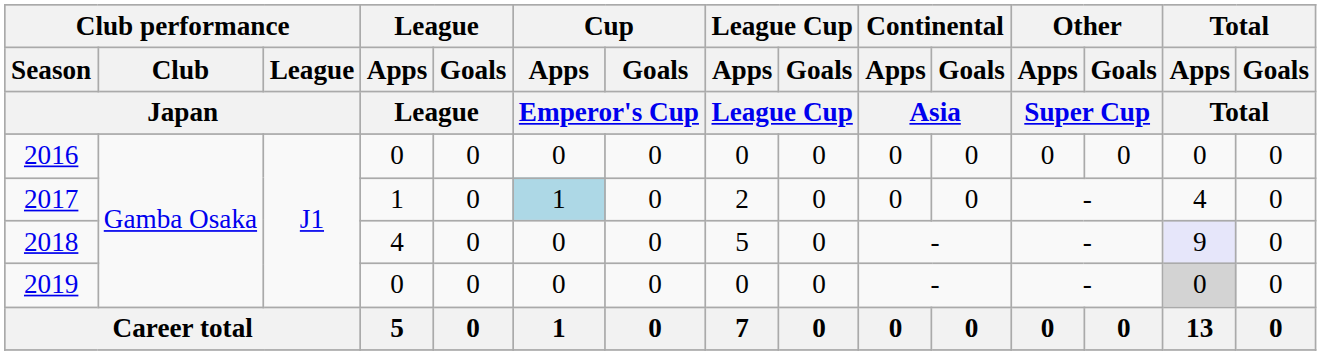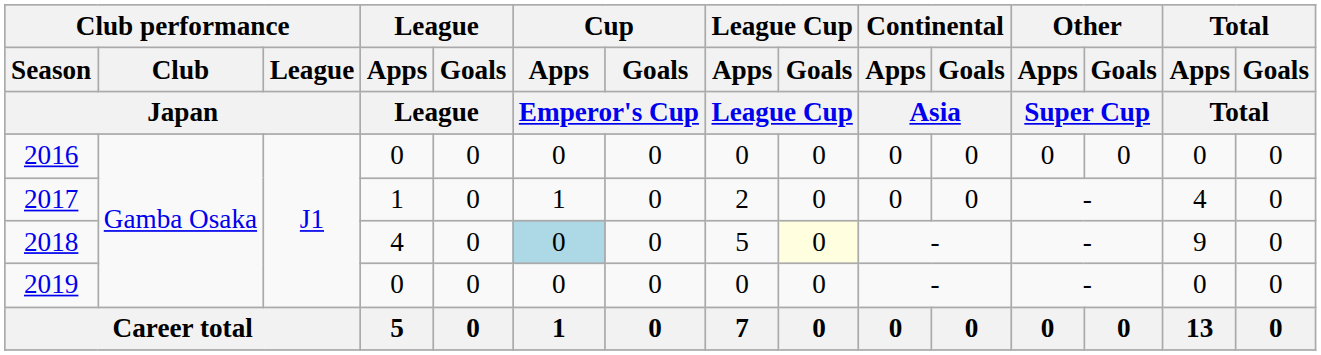 <table class="wikitable" style="text-align:center">
 <tr>
 <th colspan=3>Club performance</th>
 <th colspan=2>League</th>
 <th colspan=2>Cup</th>
 <th colspan=2>League Cup</th>
 <th colspan=2>Continental</th>
 <th colspan=2>Other</th>
 <th colspan=2>Total</th>
 </tr>
 <tr>
 <th>Season</th>
 <th>Club</th>
 <th>League</th>
 <th>Apps</th>
 <th>Goals</th>
 <th>Apps</th>
 <th>Goals</th>
 <th>Apps</th>
 <th>Goals</th>
 <th>Apps</th>
 <th>Goals</th>
 <th>Apps</th>
 <th>Goals</th>
 <th>Apps</th>
 <th>Goals</th>
 </tr>
 <tr>
 <th colspan=3>Japan</th>
 <th colspan=2>League</th>
 <th colspan=2><a href='#'>Emperor's Cup</a></th>
 <th colspan=2><a href='#'>League Cup</a></th>
 <th colspan=2><a href='#'>Asia</a></th>
 <th colspan=2><a href='#'>Super Cup</a></th>
 <th colspan=2>Total</th>
 </tr>
 <tr>
 <td><a href='#'>2016</a></td>
 <td rowspan="4"><a href='#'>Gamba Osaka</a></td>
 <td rowspan="4"><a href='#'>J1</a></td>
 <td>0</td>
 <td>0</td>
 <td>0</td>
 <td>0</td>
 <td>0</td>
 <td>0</td>
 <td>0</td>
 <td>0</td>
 <td>0</td>
 <td>0</td>
 <td>0</td>
 <td>0</td>
 </tr>
 <tr>
 <td><a href='#'>2017</a></td>
 <td>1</td>
 <td>0</td>
-<td style="background: lightblue;">1</td>
+<td>1</td>
 <td>0</td>
 <td>2</td>
 <td>0</td>
 <td>0</td>
 <td>0</td>
 <td colspan="2">-</td>
 <td>4</td>
 <td>0</td>
 </tr>
 <tr>
 <td><a href='#'>2018</a></td>
 <td>4</td>
 <td>0</td>
-<td>0</td>
+<td style="background: lightblue;">0</td>
 <td>0</td>
 <td>5</td>
-<td>0</td>
+<td style="background: lightyellow;">0</td>
 <td colspan="2">-</td>
 <td colspan="2">-</td>
-<td style="background: lavender;">9</td>
+<td>9</td>
 <td>0</td>
 </tr>
 <tr>
 <td><a href='#'>2019</a></td>
 <td>0</td>
 <td>0</td>
 <td>0</td>
 <td>0</td>
 <td>0</td>
 <td>0</td>
 <td colspan="2">-</td>
 <td colspan="2">-</td>
-<td style="background: lightgrey;">0</td>
+<td>0</td>
 <td>0</td>
 </tr>
 <tr>
 <th colspan=3>Career total</th>
 <th>5</th>
 <th>0</th>
 <th>1</th>
 <th>0</th>
 <th>7</th>
 <th>0</th>
 <th>0</th>
 <th>0</th>
 <th>0</th>
 <th>0</th>
 <th>13</th>
 <th>0</th>
 </tr>
 </table>
